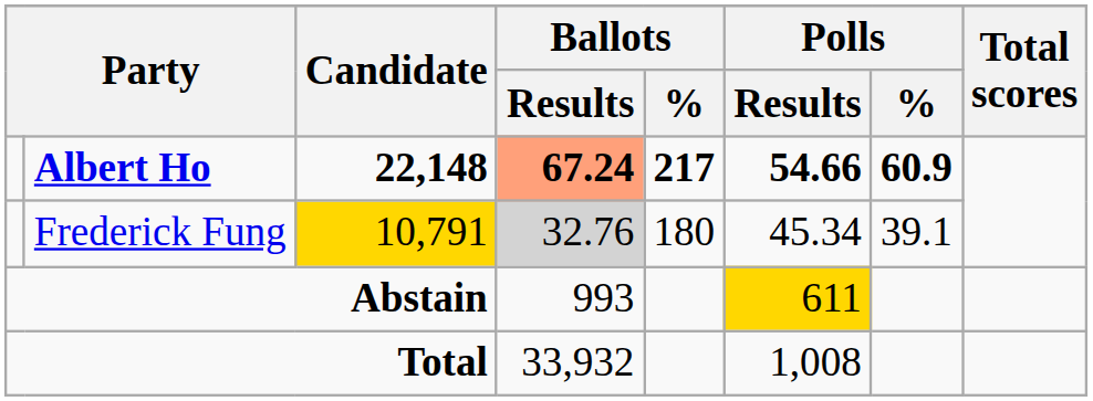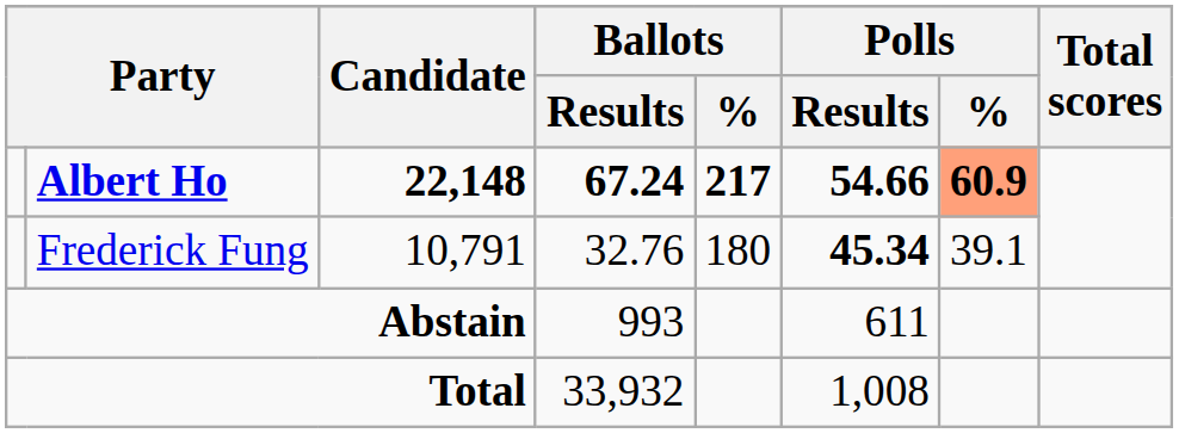 <table class="wikitable" style="text-align:right">
 <tr>
 </tr>
 <tr>
 <th colspan=2 rowspan=2>Party</th>
 <th rowspan=2>Candidate</th>
 <th colspan=2>Ballots</th>
 <th colspan=2>Polls</th>
 <th rowspan=2>Total<br>scores</th>
 </tr>
 <tr>
 <th>Results</th>
 <th>%</th>
 <th>Results</th>
 <th>%</th>
 </tr>
 <tr>
 <td></td>
 <td align=left><strong><a href='#'>Albert Ho</a></strong></td>
 <td><strong>22,148</strong></td>
-<td style="background: lightsalmon;"><strong>67.24</strong></td>
+<td><strong>67.24</strong></td>
 <td><strong>217</strong></td>
 <td><strong>54.66</strong></td>
-<td><strong>60.9</strong></td>
+<td style="background: lightsalmon;"><strong>60.9</strong></td>
 </tr>
 <tr>
 <td></td>
 <td align=left><a href='#'>Frederick Fung</a></td>
-<td style="background: gold;">10,791</td>
-<td style="background: lightgrey;">32.76</td>
+<td>10,791</td>
+<td>32.76</td>
 <td>180</td>
-<td>45.34</td>
+<td><strong>45.34</strong></td>
 <td>39.1</td>
 </tr>
 <tr>
 <td colspan=3><strong>Abstain</strong></td>
 <td>993</td>
 <td></td>
-<td style="background: gold;">611</td>
+<td>611</td>
 <td></td>
 <td></td>
 </tr>
 <tr>
 <td colspan=3><strong>Total</strong></td>
 <td>33,932</td>
 <td></td>
 <td>1,008</td>
 <td></td>
 <td></td>
 </tr>
 </table>
